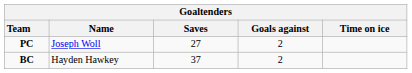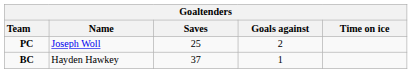 <table class="wikitable" style="width:40em; text-align:right;">
 <tr>
 <th colspan=5>Goaltenders</th>
 </tr>
 <tr>
 <th style="width:4em; text-align:left;">Team</th>
 <th style="width:10em;">Name</th>
 <th style="width:8em;">Saves</th>
 <th style="width:8em;">Goals against</th>
 <th style="width:8em;">Time on ice</th>
 </tr>
 <tr>
 <td align=center><strong>PC</strong></td>
 <td style="text-align:left;"><a href='#'>Joseph Woll</a></td>
-<td align=center>27</td>
+<td align=center>25</td>
 <td align=center>2</td>
 <td align=center></td>
 </tr>
 <tr>
 <td align=center><strong>BC</strong></td>
 <td style="text-align:left;">Hayden Hawkey</td>
 <td align=center>37</td>
-<td align=center>2</td>
+<td align=center>1</td>
 <td align=center></td>
 </tr>
 </table>
